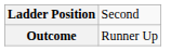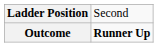 <table class="wikitable">
 <tr>
 <th>Ladder Position</th>
 <td>Second</td>
 </tr>
 <tr>
 <th>Outcome</th>
-<td>Runner Up</td>
+<td><strong>Runner Up</strong></td>
 </tr>
 </table>
